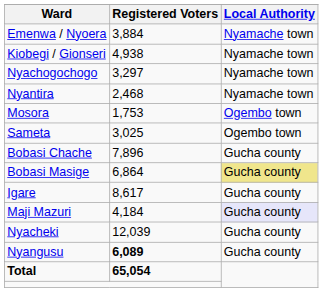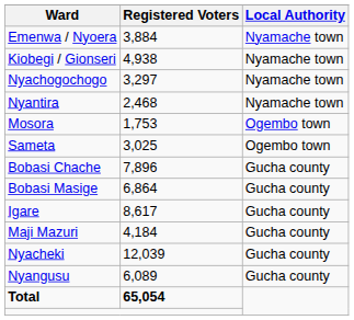 <table class="wikitable">
 <tr>
 </tr>
 <tr>
 <th>Ward</th>
 <th>Registered Voters</th>
 <th><a href='#'>Local Authority</a></th>
 </tr>
 <tr>
 <td><a href='#'>Emenwa</a> / <a href='#'>Nyoera</a></td>
 <td>3,884</td>
 <td><a href='#'>Nyamache</a> town</td>
 </tr>
 <tr>
 <td><a href='#'>Kiobegi</a> / <a href='#'>Gionseri</a></td>
 <td>4,938</td>
 <td>Nyamache town</td>
 </tr>
 <tr>
 <td><a href='#'>Nyachogochogo</a></td>
 <td>3,297</td>
 <td>Nyamache town</td>
 </tr>
 <tr>
 <td><a href='#'>Nyantira</a></td>
 <td>2,468</td>
 <td>Nyamache town</td>
 </tr>
 <tr>
 <td><a href='#'>Mosora</a></td>
 <td>1,753</td>
 <td><a href='#'>Ogembo</a> town</td>
 </tr>
 <tr>
 <td><a href='#'>Sameta</a></td>
 <td>3,025</td>
 <td>Ogembo town</td>
 </tr>
 <tr>
 <td><a href='#'>Bobasi Chache</a></td>
 <td>7,896</td>
 <td>Gucha county</td>
 </tr>
 <tr>
 <td><a href='#'>Bobasi Masige</a></td>
 <td>6,864</td>
-<td style="background: khaki;">Gucha county</td>
+<td>Gucha county</td>
 </tr>
 <tr>
 <td><a href='#'>Igare</a></td>
 <td>8,617</td>
 <td>Gucha county</td>
 </tr>
 <tr>
 <td><a href='#'>Maji Mazuri</a></td>
 <td>4,184</td>
-<td style="background: lavender;">Gucha county</td>
+<td>Gucha county</td>
 </tr>
 <tr>
 <td><a href='#'>Nyacheki</a></td>
 <td>12,039</td>
 <td>Gucha county</td>
 </tr>
 <tr>
 <td><a href='#'>Nyangusu</a></td>
-<td><strong>6,089</strong></td>
+<td>6,089</td>
 <td>Gucha county</td>
 </tr>
 <tr>
 <td><strong>Total</strong></td>
 <td><strong>65,054</strong></td>
 </tr>
 <tr>
 <td colspan="2"></td>
 </tr>
 </table>
